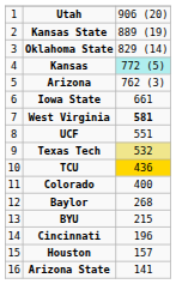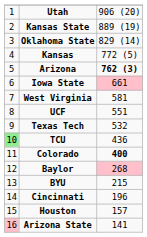 <table class="wikitable" style="display: inline-table;">
 <tr align="center">
 </tr>
 <tr align="center">
 <td>1</td>
 <td><strong>Utah</strong></td>
 <td>906 (20)</td>
 </tr>
 <tr align="center">
 <td>2</td>
 <td><strong>Kansas State</strong></td>
 <td>889 (19)</td>
 </tr>
 <tr align="center">
 <td>3</td>
 <td><strong>Oklahoma State</strong></td>
 <td>829 (14)</td>
 </tr>
 <tr align="center">
 <td>4</td>
 <td><strong>Kansas</strong></td>
-<td style="background: paleturquoise;">772 (5)</td>
+<td>772 (5)</td>
 </tr>
 <tr align="center">
 <td>5</td>
 <td><strong>Arizona</strong></td>
-<td>762 (3)</td>
+<td><strong>762 (3)</strong></td>
 </tr>
 <tr align="center">
 <td>6</td>
 <td><strong>Iowa State</strong></td>
-<td>661</td>
+<td style="background: pink;">661</td>
 </tr>
 <tr align="center">
 <td>7</td>
 <td><strong>West Virginia</strong></td>
-<td><strong>581</strong></td>
+<td>581</td>
 </tr>
 <tr align="center">
 <td>8</td>
 <td><strong>UCF</strong></td>
 <td>551</td>
 </tr>
 <tr align="center">
 <td>9</td>
 <td><strong>Texas Tech</strong></td>
-<td style="background: khaki;">532</td>
+<td>532</td>
 </tr>
 <tr align="center">
-<td>10</td>
+<td style="background: lightgreen;">10</td>
 <td><strong>TCU</strong></td>
-<td style="background: gold;">436</td>
+<td>436</td>
 </tr>
 <tr align="center">
 <td>11</td>
 <td><strong>Colorado</strong></td>
-<td>400</td>
+<td><strong>400</strong></td>
 </tr>
 <tr align="center">
 <td>12</td>
 <td><strong>Baylor</strong></td>
-<td>268</td>
+<td style="background: pink;">268</td>
 </tr>
 <tr align="center">
 <td>13</td>
 <td><strong>BYU</strong></td>
 <td>215</td>
 </tr>
 <tr align="center">
 <td>14</td>
 <td><strong>Cincinnati</strong></td>
 <td>196</td>
 </tr>
 <tr align="center">
 <td>15</td>
 <td><strong>Houston</strong></td>
 <td>157</td>
 </tr>
 <tr align="center">
-<td>16</td>
+<td style="background: pink;">16</td>
 <td><strong>Arizona State</strong></td>
 <td>141</td>
 </tr>
 </table>
